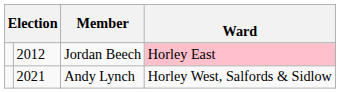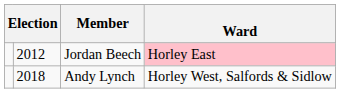 <table class="wikitable">
 <tr>
 <th colspan="2">Election</th>
 <th>Member</th>
 <th><br>Ward</th>
 </tr>
 <tr>
 <td style="background-color: "></td>
 <td>2012</td>
 <td>Jordan Beech</td>
 <td style="background: pink;">Horley East</td>
 </tr>
 <tr>
 <td style="background-color: "></td>
-<td>2021</td>
+<td>2018</td>
 <td>Andy Lynch</td>
 <td>Horley West, Salfords & Sidlow</td>
 </tr>
 </table>
